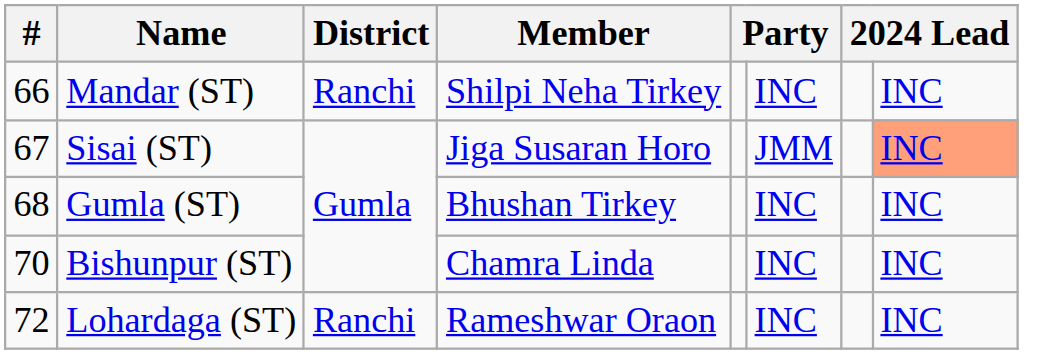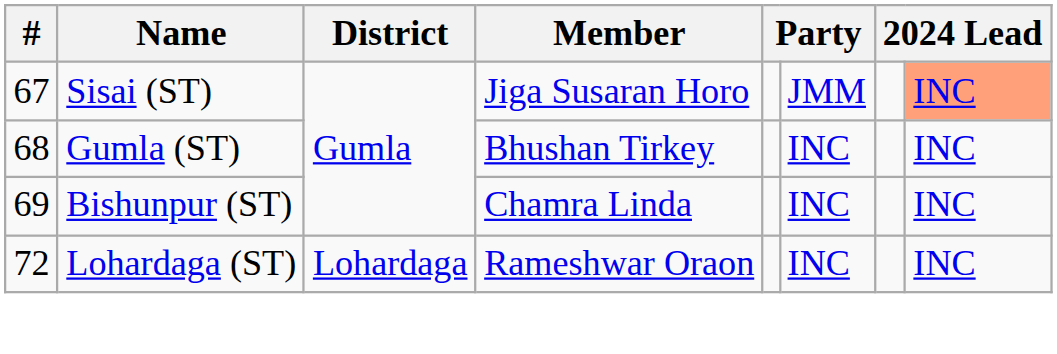 <table class="wikitable">
 <tr>
 <th>#</th>
 <th>Name</th>
 <th>District</th>
 <th>Member</th>
 <th colspan="2">Party</th>
 <th colspan="2">2024 Lead</th>
-</tr>
-<tr>
-<td>66</td>
-<td><a href='#'>Mandar</a> (ST)</td>
-<td><a href='#'>Ranchi</a></td>
-<td><a href='#'>Shilpi Neha Tirkey</a></td>
-<td style="background-color: "></td>
-<td><a href='#'>INC</a></td>
-<td style="background-color: "></td>
-<td><a href='#'>INC</a></td>
 </tr>
 <tr>
 <td>67</td>
 <td><a href='#'>Sisai</a> (ST)</td>
 <td rowspan="3"><a href='#'>Gumla</a></td>
 <td><a href='#'>Jiga Susaran Horo</a></td>
 <td style="background-color: "></td>
 <td><a href='#'>JMM</a></td>
 <td style="background-color: "></td>
 <td style="background: lightsalmon;"><a href='#'>INC</a></td>
 </tr>
 <tr>
 <td>68</td>
 <td><a href='#'>Gumla</a> (ST)</td>
 <td><a href='#'>Bhushan Tirkey</a></td>
 <td style="background-color: "></td>
 <td><a href='#'>INC</a></td>
 <td style="background-color: "></td>
 <td><a href='#'>INC</a></td>
 </tr>
 <tr>
-<td>70</td>
+<td>69</td>
 <td><a href='#'>Bishunpur</a> (ST)</td>
 <td><a href='#'>Chamra Linda</a></td>
 <td style="background-color: "></td>
 <td><a href='#'>INC</a></td>
 <td style="background-color: "></td>
 <td><a href='#'>INC</a></td>
 </tr>
 <tr>
 <td>72</td>
 <td><a href='#'>Lohardaga</a> (ST)</td>
-<td><a href='#'>Ranchi</a></td>
+<td><a href='#'>Lohardaga</a></td>
 <td><a href='#'>Rameshwar Oraon</a></td>
 <td style="background-color: "></td>
 <td><a href='#'>INC</a></td>
 <td style="background-color: "></td>
 <td><a href='#'>INC</a></td>
 </tr>
 </table>
